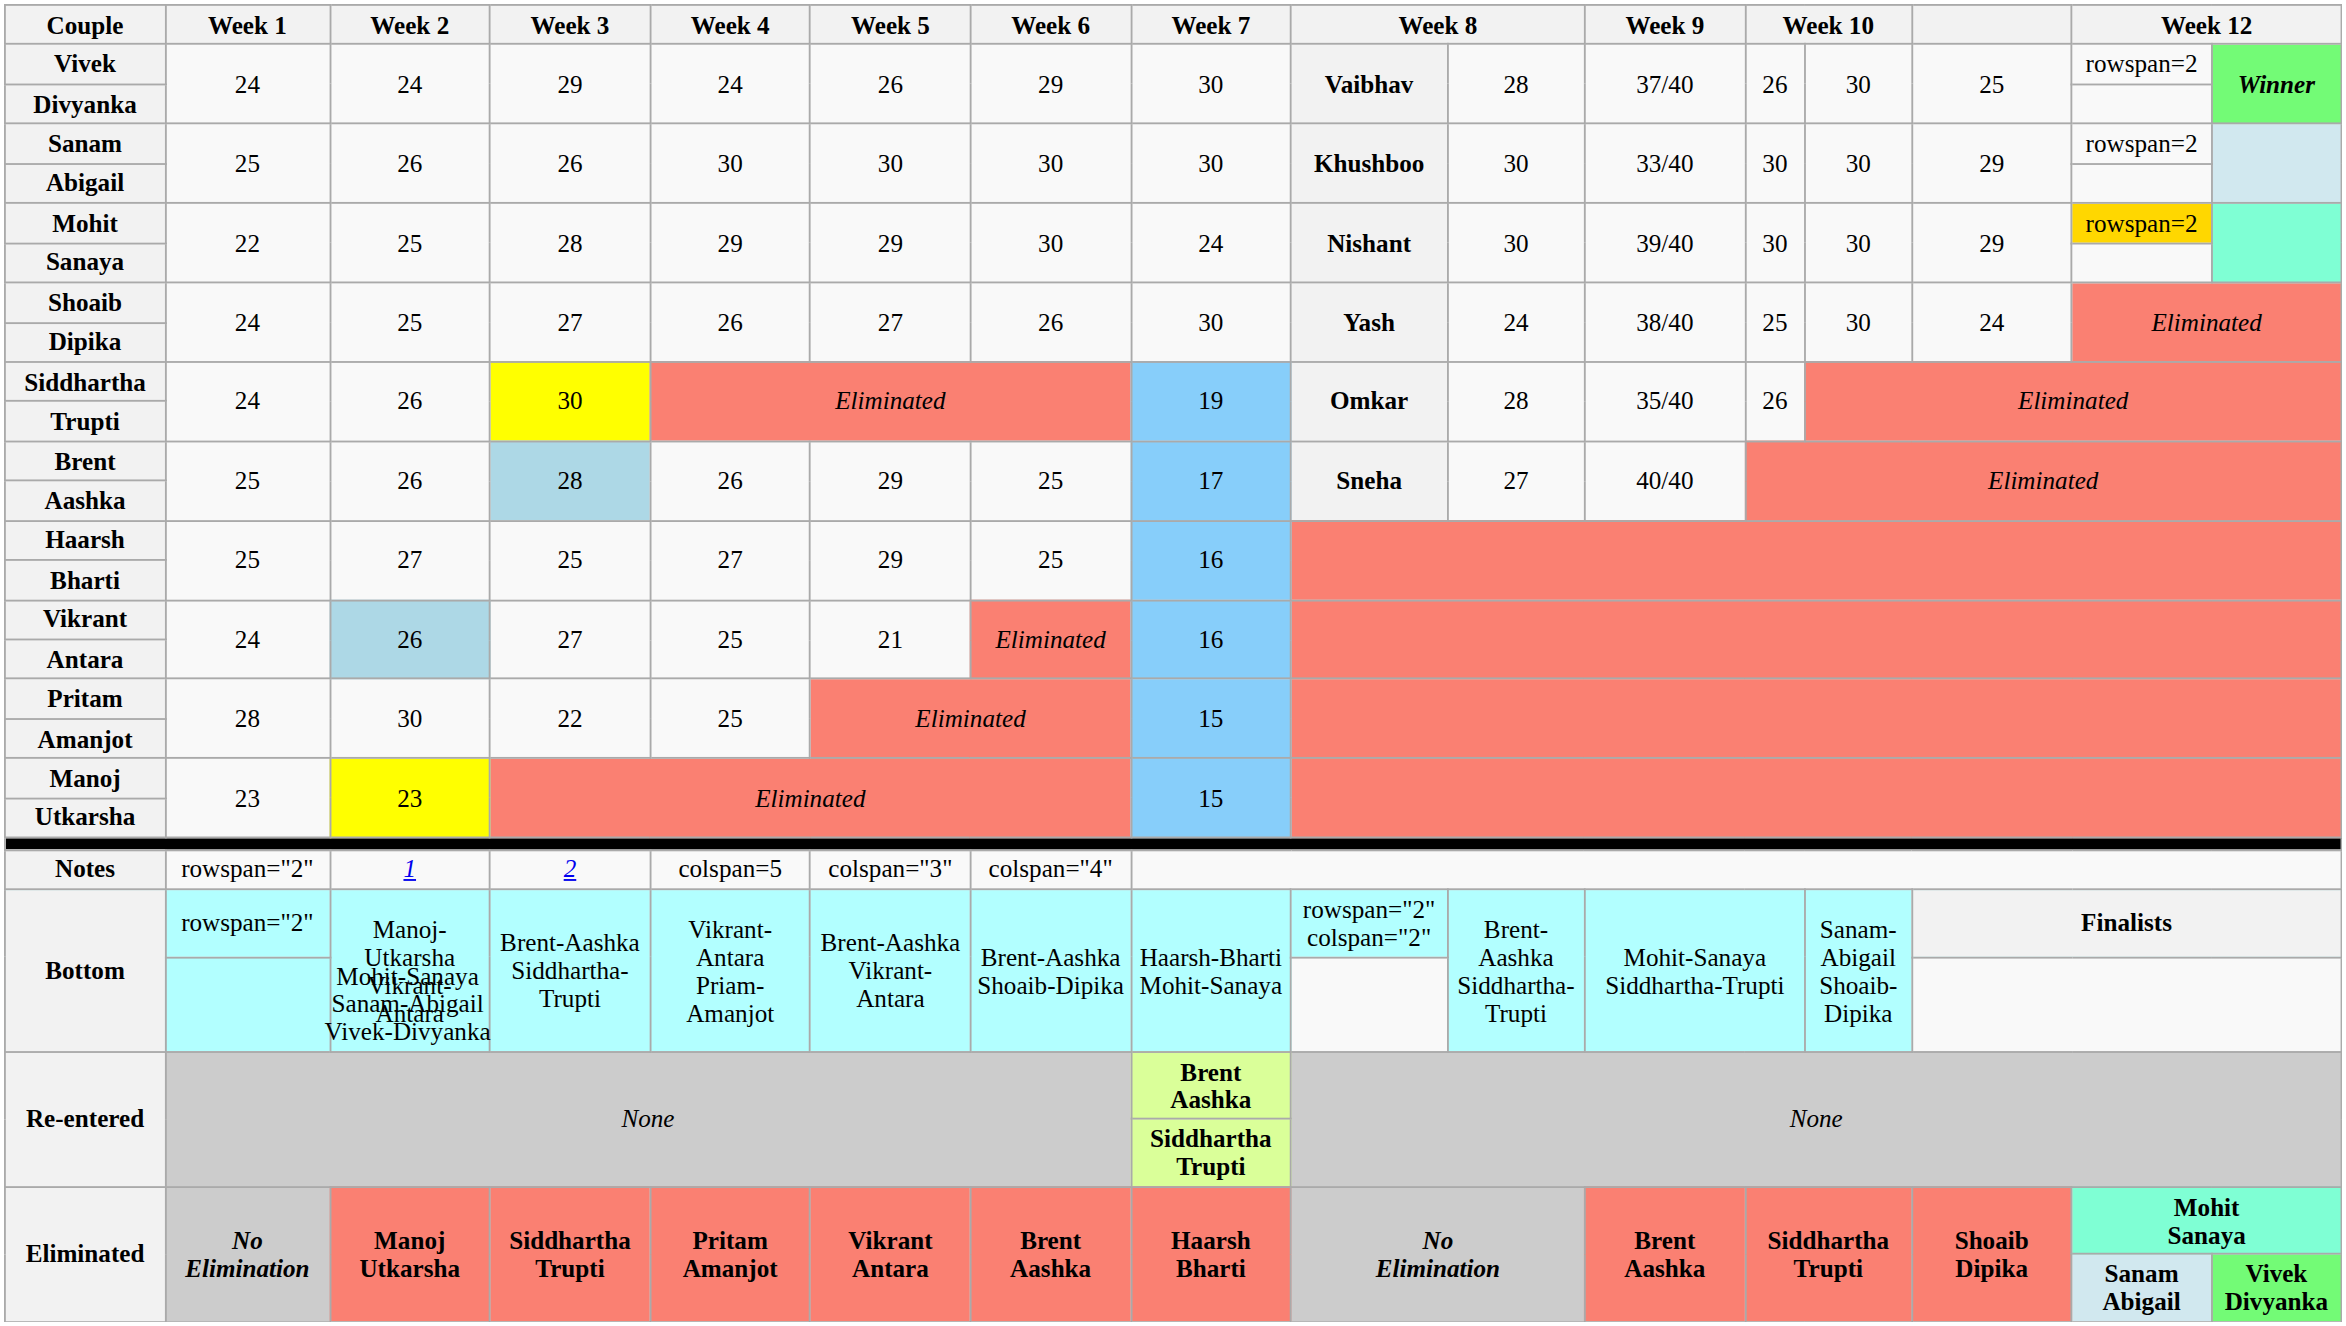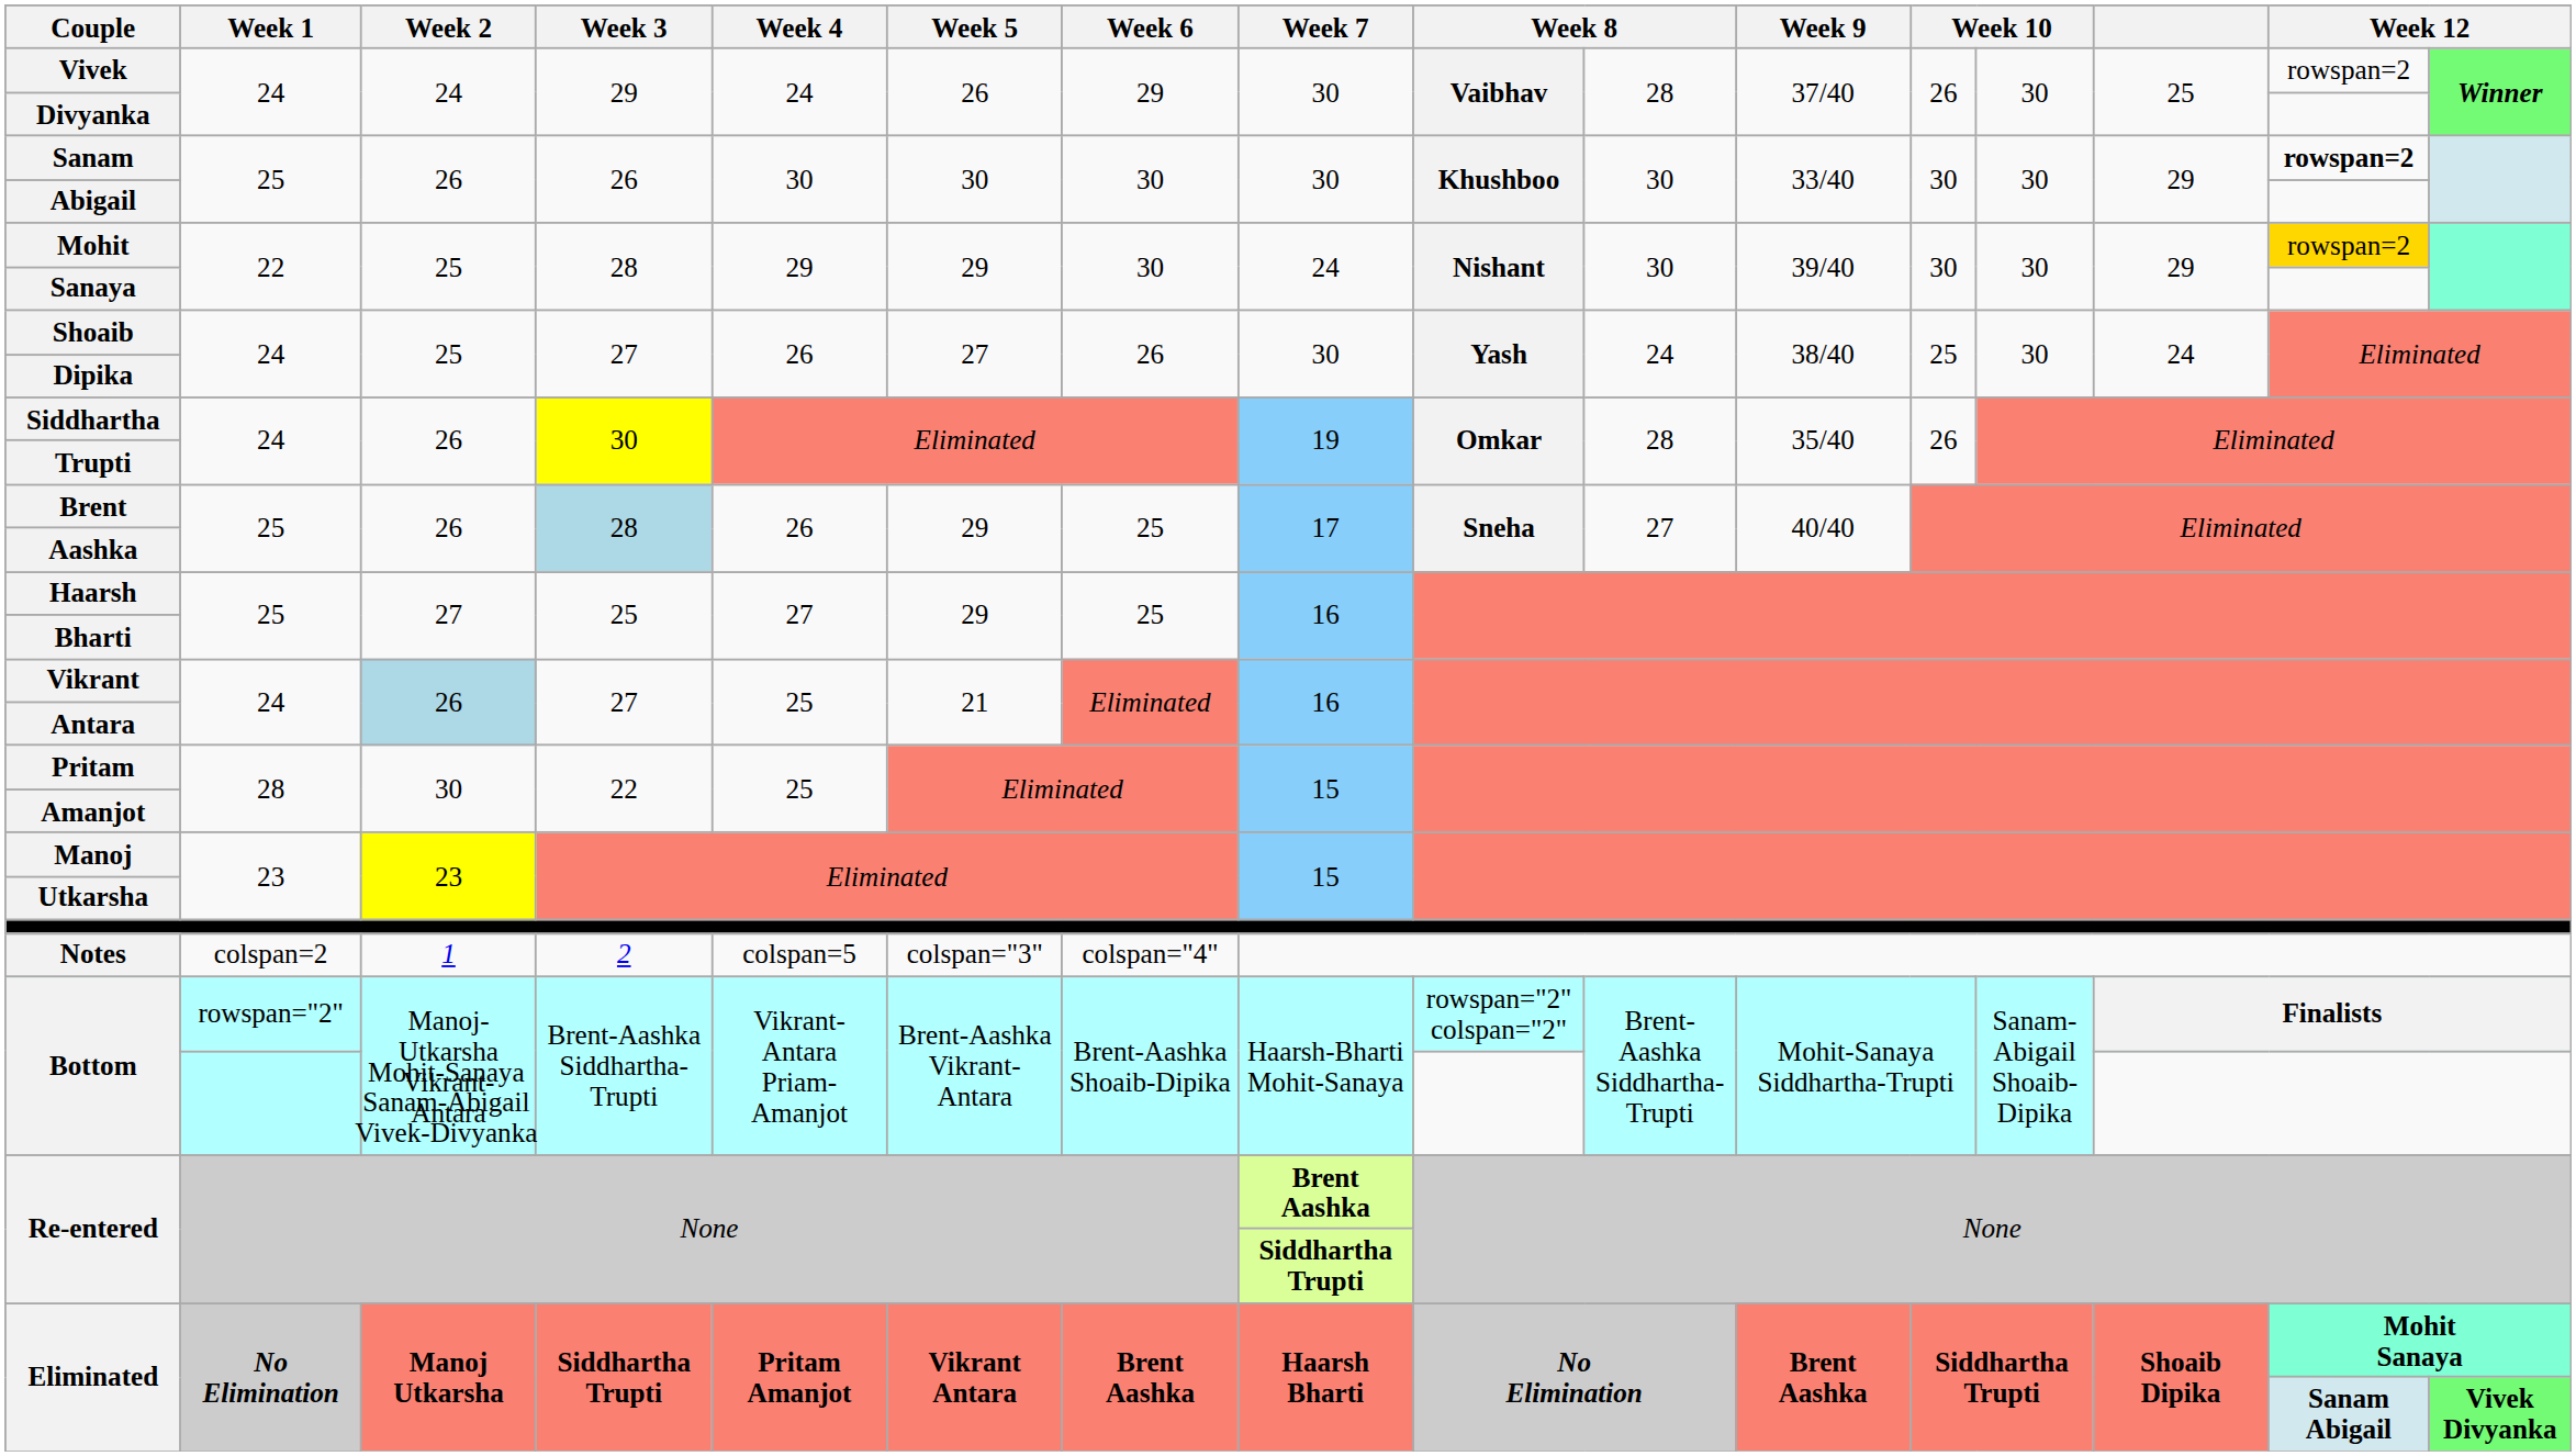 <table class="wikitable " style="text-align:center; width:100%; font-size:85%; line-height:15px;">
 <tr>
 <th style="width: 6%;">Couple</th>
 <th style="width: 6%;">Week 1</th>
 <th style="width: 6%;">Week 2</th>
 <th style="width: 6%;">Week 3</th>
 <th style="width: 6%;">Week 4</th>
 <th style="width: 6%;">Week 5</th>
 <th style="width: 6%;">Week 6</th>
 <th style="width: 6%;">Week 7</th>
 <th colspan="2" style="width: 6%;">Week 8</th>
 <th style="width: 6%;">Week 9</th>
 <th colspan="2" style="width:6%; white-space:nowrap;">Week 10</th>
 <th style="width: 6%;"></th>
 <th colspan="3" style="width:9%; white-space:nowrap;">Week 12</th>
 </tr>
 <tr>
 <th>Vivek</th>
 <td rowspan=2>24</td>
 <td rowspan=2>24</td>
 <td rowspan=2>29</td>
 <td rowspan=2>24</td>
 <td rowspan=2>26</td>
 <td rowspan=2>29</td>
 <td rowspan=2><span>30</span></td>
 <th rowspan=2>Vaibhav</th>
 <td rowspan=2>28</td>
 <td rowspan=2>37/40</td>
 <td rowspan=2>26</td>
 <td rowspan=2>30</td>
 <td rowspan=2>25</td>
 <td>rowspan=2 </td>
 <td colspan="2" rowspan="2" style="background:#73FB76;"><strong><em>Winner</em></strong></td>
 </tr>
 <tr>
 <th>Divyanka</th>
 </tr>
 <tr>
 <th>Sanam</th>
 <td rowspan=2>25</td>
 <td rowspan=2>26</td>
 <td rowspan=2>26</td>
 <td rowspan=2>30</td>
 <td rowspan=2>30</td>
 <td rowspan=2>30</td>
 <td rowspan=2><span>30</span></td>
 <th rowspan=2>Khushboo</th>
 <td rowspan=2>30</td>
 <td rowspan=2>33/40</td>
 <td rowspan=2>30</td>
 <td rowspan=2>30</td>
 <td rowspan=2>29</td>
-<td>rowspan=2 </td>
+<td><strong>rowspan=2 </strong></td>
 <td colspan="2" rowspan="2" style="background:#D1E8EF;"><strong><em></em></strong></td>
 </tr>
 <tr>
 <th>Abigail</th>
 </tr>
 <tr>
 <th>Mohit</th>
 <td rowspan=2><span>22</span></td>
 <td rowspan=2>25</td>
 <td rowspan=2>28</td>
 <td rowspan=2>29</td>
 <td rowspan=2>29</td>
 <td rowspan=2>30</td>
 <td rowspan=2>24</td>
 <th rowspan=2>Nishant</th>
 <td rowspan=2>30</td>
 <td rowspan=2>39/40</td>
 <td rowspan=2>30</td>
 <td rowspan=2>30</td>
 <td rowspan=2>29</td>
 <td style="background: gold;">rowspan=2 </td>
 <td colspan="2" rowspan="2" style="background:#7FFFD4;"><strong><em></em></strong></td>
 </tr>
 <tr>
 <th>Sanaya</th>
 </tr>
 <tr>
 <th>Shoaib</th>
 <td rowspan=2>24</td>
 <td rowspan=2>25</td>
 <td rowspan=2>27</td>
 <td rowspan=2>26</td>
 <td rowspan=2>27</td>
 <td rowspan=2>26</td>
 <td rowspan=2><span>30</span></td>
 <th rowspan="2">Yash</th>
 <td rowspan="2">24</td>
 <td rowspan=2>38/40</td>
 <td rowspan=2>25</td>
 <td rowspan=2>30</td>
 <td rowspan=2>24</td>
 <td colspan="3" rowspan="2" style="background:salmon; text-align:center;"><em>Eliminated</em></td>
 </tr>
 <tr>
 <th>Dipika</th>
 </tr>
 <tr>
 <th>Siddhartha</th>
 <td rowspan=2>24</td>
 <td rowspan=2>26</td>
 <td rowspan=2 style="background:yellow;"><span>30</span></td>
 <td rowspan=2 colspan="3" style="background:salmon; text-align:center;"><em>Eliminated</em></td>
 <td rowspan=2 style="background:#87CEFA; text-align:center;">19</td>
 <th rowspan="2">Omkar</th>
 <td rowspan="2">28</td>
 <td rowspan=2>35/40</td>
 <td rowspan=2>26</td>
 <td colspan="5" rowspan="2" style="background:salmon; text-align:center;"><em>Eliminated</em></td>
 </tr>
 <tr>
 <th>Trupti</th>
 </tr>
 <tr>
 <th>Brent</th>
 <td rowspan=2>25</td>
 <td rowspan=2>26</td>
 <td rowspan=2 style="background:lightblue;">28</td>
 <td rowspan=2>26</td>
 <td rowspan=2>29</td>
 <td rowspan=2>25</td>
 <td rowspan=2 style="background:#87CEFA; text-align:center;">17</td>
 <th rowspan=2>Sneha</th>
 <td rowspan=2>27</td>
 <td rowspan=2>40/40</td>
 <td colspan="6" rowspan="2" style="background:salmon; text-align:center;"><em>Eliminated</em></td>
 </tr>
 <tr>
 <th>Aashka</th>
 </tr>
 <tr>
 <th>Haarsh</th>
 <td rowspan=2>25</td>
 <td rowspan=2>27</td>
 <td rowspan=2>25</td>
 <td rowspan=2>27</td>
 <td rowspan=2>29</td>
 <td rowspan=2>25</td>
 <td rowspan=2 style="background:#87CEFA; text-align:center;">16</td>
 <td colspan="9" rowspan="2" style="background:salmon; text-align:center;"></td>
 </tr>
 <tr>
 <th>Bharti</th>
 </tr>
 <tr>
 <th>Vikrant</th>
 <td rowspan=2>24</td>
 <td rowspan=2 style="background:lightblue;">26</td>
 <td rowspan=2>27</td>
 <td rowspan=2>25</td>
 <td rowspan=2>21</td>
 <td rowspan=2 colspan="1" style="background:salmon; text-align:center;"><em>Eliminated</em></td>
 <td rowspan=2 style="background:#87CEFA; text-align:center;">16</td>
 <td colspan="9" rowspan="2" style="background:salmon; text-align:center;"></td>
 </tr>
 <tr>
 <th>Antara</th>
 </tr>
 <tr>
 <th>Pritam</th>
 <td rowspan=2><span>28</span></td>
 <td rowspan=2><span>30</span></td>
 <td rowspan=2><span>22</span></td>
 <td rowspan=2>25</td>
 <td rowspan=2 colspan="2" style="background:salmon; text-align:center;"><em>Eliminated</em></td>
 <td rowspan=2 style="background:#87CEFA; text-align:center;">15</td>
 <td colspan="9" rowspan="2" style="background:salmon; text-align:center;"></td>
 </tr>
 <tr>
 <th>Amanjot</th>
 </tr>
 <tr>
 <th>Manoj</th>
 <td rowspan=2>23</td>
 <td rowspan=2 style="background:yellow;"><span>23</span></td>
 <td rowspan=2 colspan="4" style="background:salmon; text-align:center;"><em>Eliminated</em></td>
 <td rowspan=2 style="background:#87CEFA; text-align:center;">15</td>
 <td colspan="9" rowspan="2" style="background:salmon; text-align:center;"></td>
 </tr>
 <tr>
 <th>Utkarsha</th>
 </tr>
 <tr>
 <th colspan="17" style="background:#000;"></th>
 </tr>
 <tr>
 <th>Notes</th>
-<td>rowspan="2" </td>
+<td>colspan=2 </td>
 <td><em><a href='#'>1</a></em></td>
 <td><em><a href='#'>2</a></em></td>
 <td>colspan=5 </td>
 <td>colspan="3" </td>
 <td>colspan="4" </td>
 </tr>
 <tr style="background:#B2FFFF" |>
 <th rowspan="2">Bottom</th>
 <td>rowspan="2" </td>
 <td rowspan="2">Manoj-Utkarsha<br>Vikrant-Antara</td>
 <td rowspan="2">Brent-Aashka<br>Siddhartha-Trupti</td>
 <td rowspan="2">Vikrant-Antara<br>Priam-Amanjot</td>
 <td rowspan="2">Brent-Aashka<br>Vikrant-Antara</td>
 <td rowspan="2">Brent-Aashka<br>Shoaib-Dipika</td>
 <td rowspan="2">Haarsh-Bharti<br>Mohit-Sanaya</td>
 <td>rowspan="2" colspan="2" </td>
 <td rowspan="2">Brent-Aashka <br>Siddhartha-Trupti</td>
 <td colspan="2" rowspan="2">Mohit-Sanaya<br>Siddhartha-Trupti</td>
 <td rowspan="2">Sanam-Abigail<br>Shoaib-Dipika</td>
 <th colspan="3">Finalists</th>
 </tr>
 <tr style="background:#B2FFFF" |>
 <td colspan="3">Mohit-Sanaya<br>Sanam-Abigail<br>Vivek-Divyanka</td>
 </tr>
 <tr>
 <th rowspan="2">Re-entered</th>
 <td colspan="6" rowspan="2" style="background:#ccc;"><em>None</em></td>
 <td style="background:#DAFF99;"><strong>Brent<br>Aashka</strong></td>
 <td colspan="9" rowspan="2" style="background:#ccc;"><em>None</em></td>
 </tr>
 <tr>
 <td style="background:#DAFF99;"><strong>Siddhartha<br>Trupti</strong></td>
 </tr>
 <tr>
 <th rowspan="4">Eliminated</th>
 <td rowspan="4" style="background:#ccc;"><strong><em>No<br>Elimination</em></strong></td>
 <td rowspan="4" style="background:salmon; text-align:center;"><strong>Manoj<br>Utkarsha</strong></td>
 <td rowspan="4" style="background:salmon; text-align:center;"><strong>Siddhartha<br>Trupti</strong></td>
 <td rowspan="4" style="background:salmon; text-align:center;"><strong>Pritam<br>Amanjot</strong></td>
 <td rowspan="4" style="background:salmon; text-align:center;"><strong>Vikrant<br>Antara</strong></td>
 <td rowspan="4" style="background:salmon; text-align:center;"><strong>Brent<br>Aashka</strong></td>
 <td rowspan="4" style="background:salmon; text-align:center;"><strong>Haarsh<br>Bharti</strong></td>
 <td colspan="2" rowspan="4" style="background:#ccc;"><strong><em>No<br>Elimination</em></strong></td>
 <td rowspan="4" style="background:salmon; text-align:center;"><strong>Brent<br>Aashka</strong></td>
 <td colspan="2" rowspan="4" style="background:salmon; text-align:center;"><strong>Siddhartha<br>Trupti</strong></td>
 <td rowspan="4" style="background:salmon; text-align:center;"><strong>Shoaib<br>Dipika</strong></td>
 <td colspan="3" rowspan="1" style="background:#7FFFD4;"><strong>Mohit<br> Sanaya</strong></td>
 </tr>
 <tr>
 <td rowspan="3" style="background:#D1E8EF;"><strong>Sanam<br>Abigail</strong></td>
 <td colspan="2" rowspan="3" style="background:#73FB76;"><strong>Vivek<br>Divyanka</strong></td>
 </tr>
 <tr>
 </tr>
 </table>
